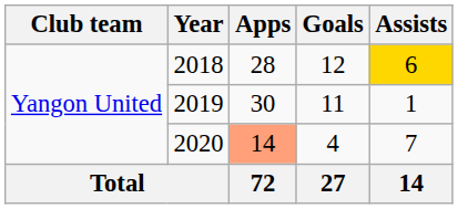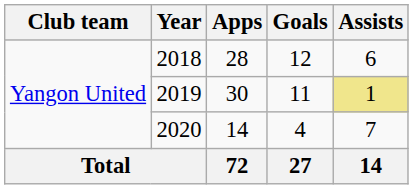 <table class=wikitable style="text-align: center;">
 <tr>
 <th>Club team</th>
 <th>Year</th>
 <th>Apps</th>
 <th>Goals</th>
 <th>Assists</th>
 </tr>
 <tr>
 <td rowspan=3><a href='#'>Yangon United</a></td>
 <td>2018</td>
 <td>28</td>
 <td>12</td>
-<td style="background: gold;">6</td>
+<td>6</td>
 </tr>
 <tr>
 <td>2019</td>
 <td>30</td>
 <td>11</td>
-<td>1</td>
+<td style="background: khaki;">1</td>
 </tr>
 <tr>
 <td>2020</td>
-<td style="background: lightsalmon;">14</td>
+<td>14</td>
 <td>4</td>
 <td>7</td>
 </tr>
 <tr>
 <th colspan=2>Total</th>
 <th>72</th>
 <th>27</th>
 <th>14</th>
 </tr>
 </table>
